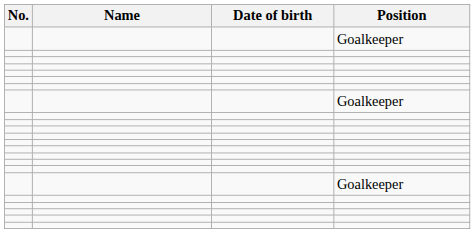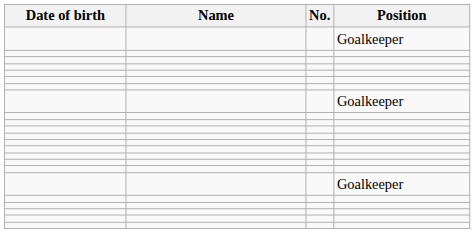 <table class="wikitable sortable" style=font-size:100%; text-align:center;>
 <tr>
+<th style=width:8em>Date of birth</th>
+<th style=width:12em>Name</th>
 <th>No.</th>
-<th style=width:12em>Name</th>
-<th style=width:8em>Date of birth</th>
 <th style=width:9em>Position</th>
 </tr>
 <tr>
+<td align=right></td>
+<td align=left></td>
 <td></td>
-<td align=left></td>
-<td align=right></td>
 <td>Goalkeeper</td>
 </tr>
 <tr>
+<td align=right></td>
+<td align=left></td>
 <td></td>
-<td align=left></td>
-<td align=right></td>
 <td></td>
 </tr>
 <tr>
+<td align=right></td>
+<td align=left></td>
 <td></td>
-<td align=left></td>
-<td align=right></td>
 <td></td>
 </tr>
 <tr>
+<td align=right></td>
+<td align=left></td>
 <td></td>
-<td align=left></td>
-<td align=right></td>
 <td></td>
 </tr>
 <tr>
+<td align=right></td>
+<td align=left></td>
 <td></td>
-<td align=left></td>
-<td align=right></td>
 <td></td>
 </tr>
 <tr>
+<td align=right></td>
+<td align=left></td>
 <td></td>
-<td align=left></td>
-<td align=right></td>
 <td></td>
 </tr>
 <tr>
+<td align=right></td>
+<td align=left></td>
 <td></td>
-<td align=left></td>
-<td align=right></td>
 <td></td>
 </tr>
 <tr>
+<td align=right></td>
+<td align=left></td>
 <td></td>
-<td align=left></td>
-<td align=right></td>
 <td>Goalkeeper</td>
 </tr>
 <tr>
+<td align=right></td>
+<td align=left></td>
 <td></td>
-<td align=left></td>
-<td align=right></td>
 <td></td>
 </tr>
 <tr>
+<td align=right></td>
+<td align=left></td>
 <td></td>
-<td align=left></td>
-<td align=right></td>
 <td></td>
 </tr>
 <tr>
+<td align=right></td>
+<td align=left></td>
 <td></td>
-<td align=left></td>
-<td align=right></td>
 <td></td>
 </tr>
 <tr>
+<td align=right></td>
+<td align=left></td>
 <td></td>
-<td align=left></td>
-<td align=right></td>
 <td></td>
 </tr>
 <tr>
+<td align=right></td>
+<td align=left></td>
 <td></td>
-<td align=left></td>
-<td align=right></td>
 <td></td>
 </tr>
 <tr>
+<td align=right></td>
+<td align=left></td>
 <td></td>
-<td align=left></td>
-<td align=right></td>
 <td></td>
 </tr>
 <tr>
+<td align=right></td>
+<td align=left></td>
 <td></td>
-<td align=left></td>
-<td align=right></td>
 <td></td>
 </tr>
 <tr>
+<td align=right></td>
+<td align=left></td>
 <td></td>
-<td align=left></td>
-<td align=right></td>
 <td></td>
 </tr>
 <tr>
+<td align=right></td>
+<td align=left></td>
 <td></td>
-<td align=left></td>
-<td align=right></td>
 <td></td>
 </tr>
 <tr>
+<td align=right></td>
+<td align=left></td>
 <td></td>
-<td align=left></td>
-<td align=right></td>
 <td>Goalkeeper</td>
 </tr>
 <tr>
+<td align=right></td>
+<td align=left></td>
 <td></td>
-<td align=left></td>
-<td align=right></td>
 <td></td>
 </tr>
 <tr>
+<td align=right></td>
+<td align=left></td>
 <td></td>
-<td align=left></td>
-<td align=right></td>
 <td></td>
 </tr>
 <tr>
+<td align=right></td>
+<td align=left></td>
 <td></td>
-<td align=left></td>
-<td align=right></td>
 <td></td>
 </tr>
 <tr>
+<td align=right></td>
+<td align=left></td>
 <td></td>
-<td align=left></td>
-<td align=right></td>
 <td></td>
 </tr>
 <tr>
+<td align=right></td>
+<td align=left></td>
 <td></td>
-<td align=left></td>
-<td align=right></td>
 <td></td>
 </tr>
 </table>
